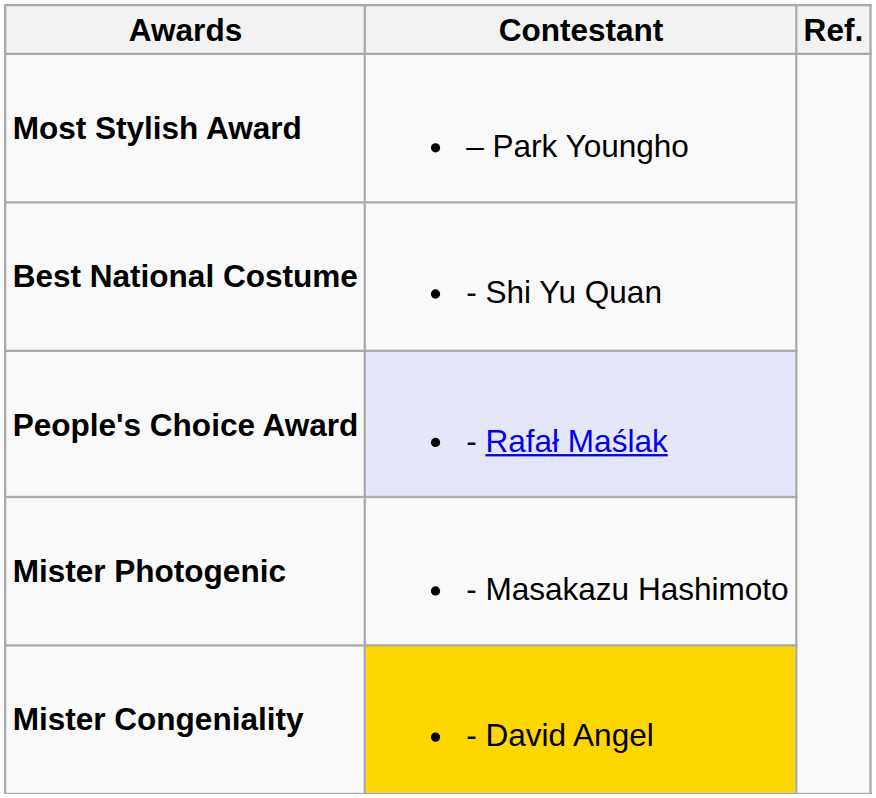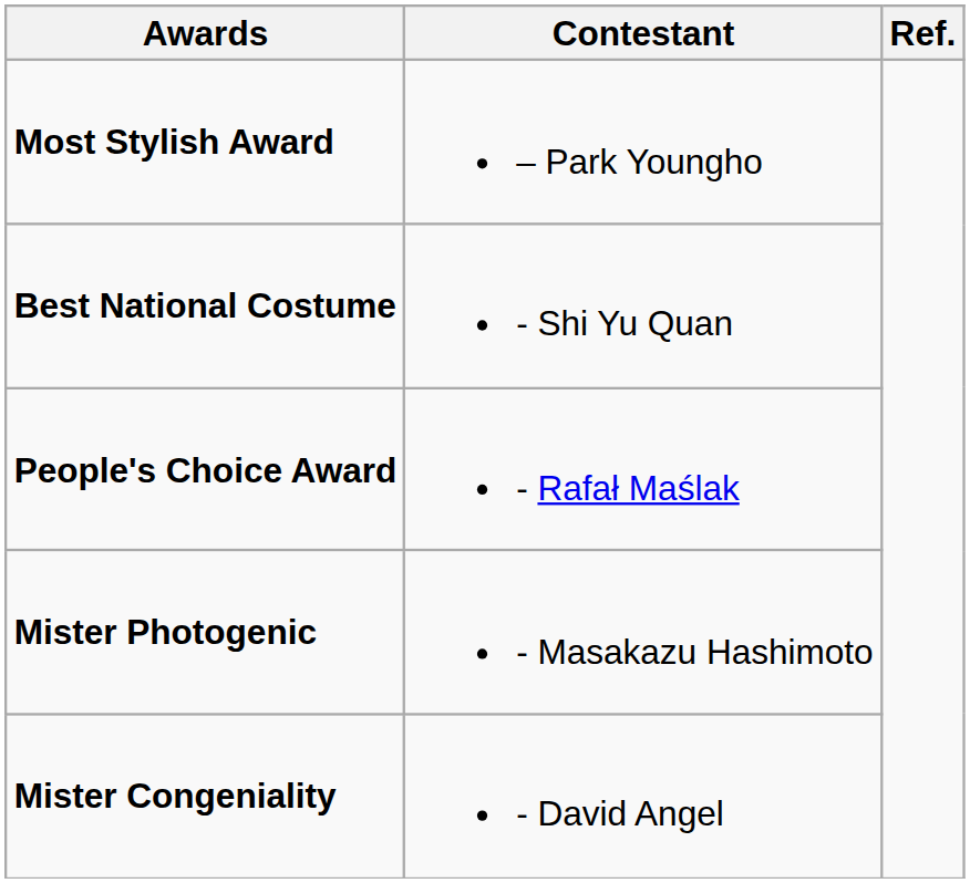 <table class="wikitable sortable" style="font-size: 85%;">
 <tr>
 <th>Awards</th>
 <th>Contestant</th>
 <th>Ref.</th>
 </tr>
 <tr>
 <td><strong>Most Stylish Award</strong></td>
 <td><br><ul><li><strong></strong> – Park Youngho</li></ul></td>
 <td rowspan="5"></td>
 </tr>
 <tr>
 <td><strong>Best National Costume</strong></td>
 <td><br><ul><li><strong></strong> - Shi Yu Quan</li></ul></td>
 </tr>
 <tr>
 <td><strong>People's Choice Award</strong></td>
-<td style="background: lavender;"><br><ul><li><strong></strong> - <a href='#'>Rafał Maślak</a></li></ul></td>
+<td><br><ul><li><strong></strong> - <a href='#'>Rafał Maślak</a></li></ul></td>
 </tr>
 <tr>
 <td><strong>Mister Photogenic</strong></td>
 <td><br><ul><li><strong></strong> - Masakazu Hashimoto</li></ul></td>
 </tr>
 <tr>
 <td><strong>Mister Congeniality</strong></td>
-<td style="background: gold;"><br><ul><li><strong></strong> - David Angel</li></ul></td>
+<td><br><ul><li><strong></strong> - David Angel</li></ul></td>
 </tr>
 </table>
